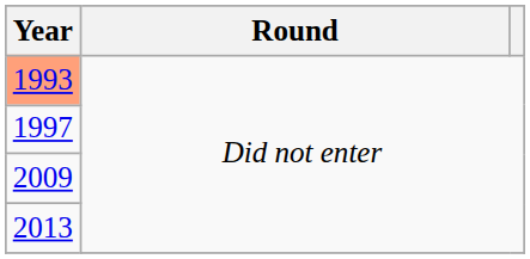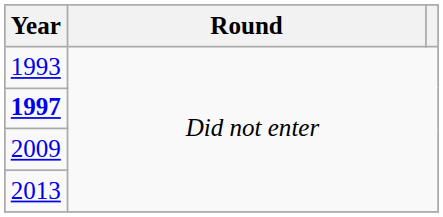 <table class="wikitable" style="text-align: center; font-size:90%">
 <tr>
 <th>Year</th>
 <th style="width:200px">Round</th>
 <th></th>
 </tr>
 <tr>
-<td style="background: lightsalmon;"><a href='#'>1993</a></td>
+<td><a href='#'>1993</a></td>
 <td colspan="2" rowspan="4"><em>Did not enter</em></td>
 </tr>
 <tr>
-<td><a href='#'>1997</a></td>
+<td><strong><a href='#'>1997</a></strong></td>
 </tr>
 <tr>
 <td><a href='#'>2009</a></td>
 </tr>
 <tr>
 <td><a href='#'>2013</a></td>
 </tr>
 </table>
